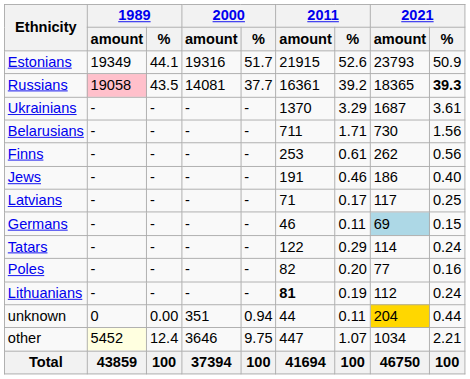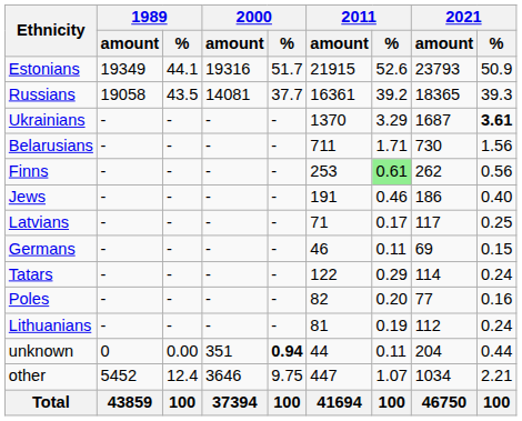 <table class="wikitable sortable mw-collapsible">
 <tr>
 <th rowspan="2">Ethnicity</th>
 <th colspan="2"><a href='#'>1989</a></th>
 <th colspan="2"><a href='#'>2000</a></th>
 <th colspan="2"><a href='#'>2011</a></th>
 <th colspan="2"><a href='#'>2021</a></th>
 </tr>
 <tr>
 <th>amount</th>
 <th>%</th>
 <th>amount</th>
 <th>%</th>
 <th>amount</th>
 <th>%</th>
 <th>amount</th>
 <th>%</th>
 </tr>
 <tr>
 <td><a href='#'>Estonians</a></td>
 <td>19349</td>
 <td>44.1</td>
 <td>19316</td>
 <td>51.7</td>
 <td>21915</td>
 <td>52.6</td>
 <td>23793</td>
 <td>50.9</td>
 </tr>
 <tr>
 <td><a href='#'>Russians</a></td>
-<td style="background: pink;">19058</td>
+<td>19058</td>
 <td>43.5</td>
 <td>14081</td>
 <td>37.7</td>
 <td>16361</td>
 <td>39.2</td>
 <td>18365</td>
-<td><strong>39.3</strong></td>
+<td>39.3</td>
 </tr>
 <tr>
 <td><a href='#'>Ukrainians</a></td>
 <td>-</td>
 <td>-</td>
 <td>-</td>
 <td>-</td>
 <td>1370</td>
 <td>3.29</td>
 <td>1687</td>
-<td>3.61</td>
+<td><strong>3.61</strong></td>
 </tr>
 <tr>
 <td><a href='#'>Belarusians</a></td>
 <td>-</td>
 <td>-</td>
 <td>-</td>
 <td>-</td>
 <td>711</td>
 <td>1.71</td>
 <td>730</td>
 <td>1.56</td>
 </tr>
 <tr>
 <td><a href='#'>Finns</a></td>
 <td>-</td>
 <td>-</td>
 <td>-</td>
 <td>-</td>
 <td>253</td>
-<td>0.61</td>
+<td style="background: lightgreen;">0.61</td>
 <td>262</td>
 <td>0.56</td>
 </tr>
 <tr>
 <td><a href='#'>Jews</a></td>
 <td>-</td>
 <td>-</td>
 <td>-</td>
 <td>-</td>
 <td>191</td>
 <td>0.46</td>
 <td>186</td>
 <td>0.40</td>
 </tr>
 <tr>
 <td><a href='#'>Latvians</a></td>
 <td>-</td>
 <td>-</td>
 <td>-</td>
 <td>-</td>
 <td>71</td>
 <td>0.17</td>
 <td>117</td>
 <td>0.25</td>
 </tr>
 <tr>
 <td><a href='#'>Germans</a></td>
 <td>-</td>
 <td>-</td>
 <td>-</td>
 <td>-</td>
 <td>46</td>
 <td>0.11</td>
-<td style="background: lightblue;">69</td>
+<td>69</td>
 <td>0.15</td>
 </tr>
 <tr>
 <td><a href='#'>Tatars</a></td>
 <td>-</td>
 <td>-</td>
 <td>-</td>
 <td>-</td>
 <td>122</td>
 <td>0.29</td>
 <td>114</td>
 <td>0.24</td>
 </tr>
 <tr>
 <td><a href='#'>Poles</a></td>
 <td>-</td>
 <td>-</td>
 <td>-</td>
 <td>-</td>
 <td>82</td>
 <td>0.20</td>
 <td>77</td>
 <td>0.16</td>
 </tr>
 <tr>
 <td><a href='#'>Lithuanians</a></td>
 <td>-</td>
 <td>-</td>
 <td>-</td>
 <td>-</td>
-<td><strong>81</strong></td>
+<td>81</td>
 <td>0.19</td>
 <td>112</td>
 <td>0.24</td>
 </tr>
 <tr>
 <td>unknown</td>
 <td>0</td>
 <td>0.00</td>
 <td>351</td>
-<td>0.94</td>
+<td><strong>0.94</strong></td>
 <td>44</td>
 <td>0.11</td>
-<td style="background: gold;">204</td>
+<td>204</td>
 <td>0.44</td>
 </tr>
 <tr>
 <td>other</td>
-<td style="background: lightyellow;">5452</td>
+<td>5452</td>
 <td>12.4</td>
 <td>3646</td>
 <td>9.75</td>
 <td>447</td>
 <td>1.07</td>
 <td>1034</td>
 <td>2.21</td>
 </tr>
 <tr>
 <th>Total</th>
 <th>43859</th>
 <th>100</th>
 <th>37394</th>
 <th>100</th>
 <th>41694</th>
 <th>100</th>
 <th>46750</th>
 <th>100</th>
 </tr>
 </table>
